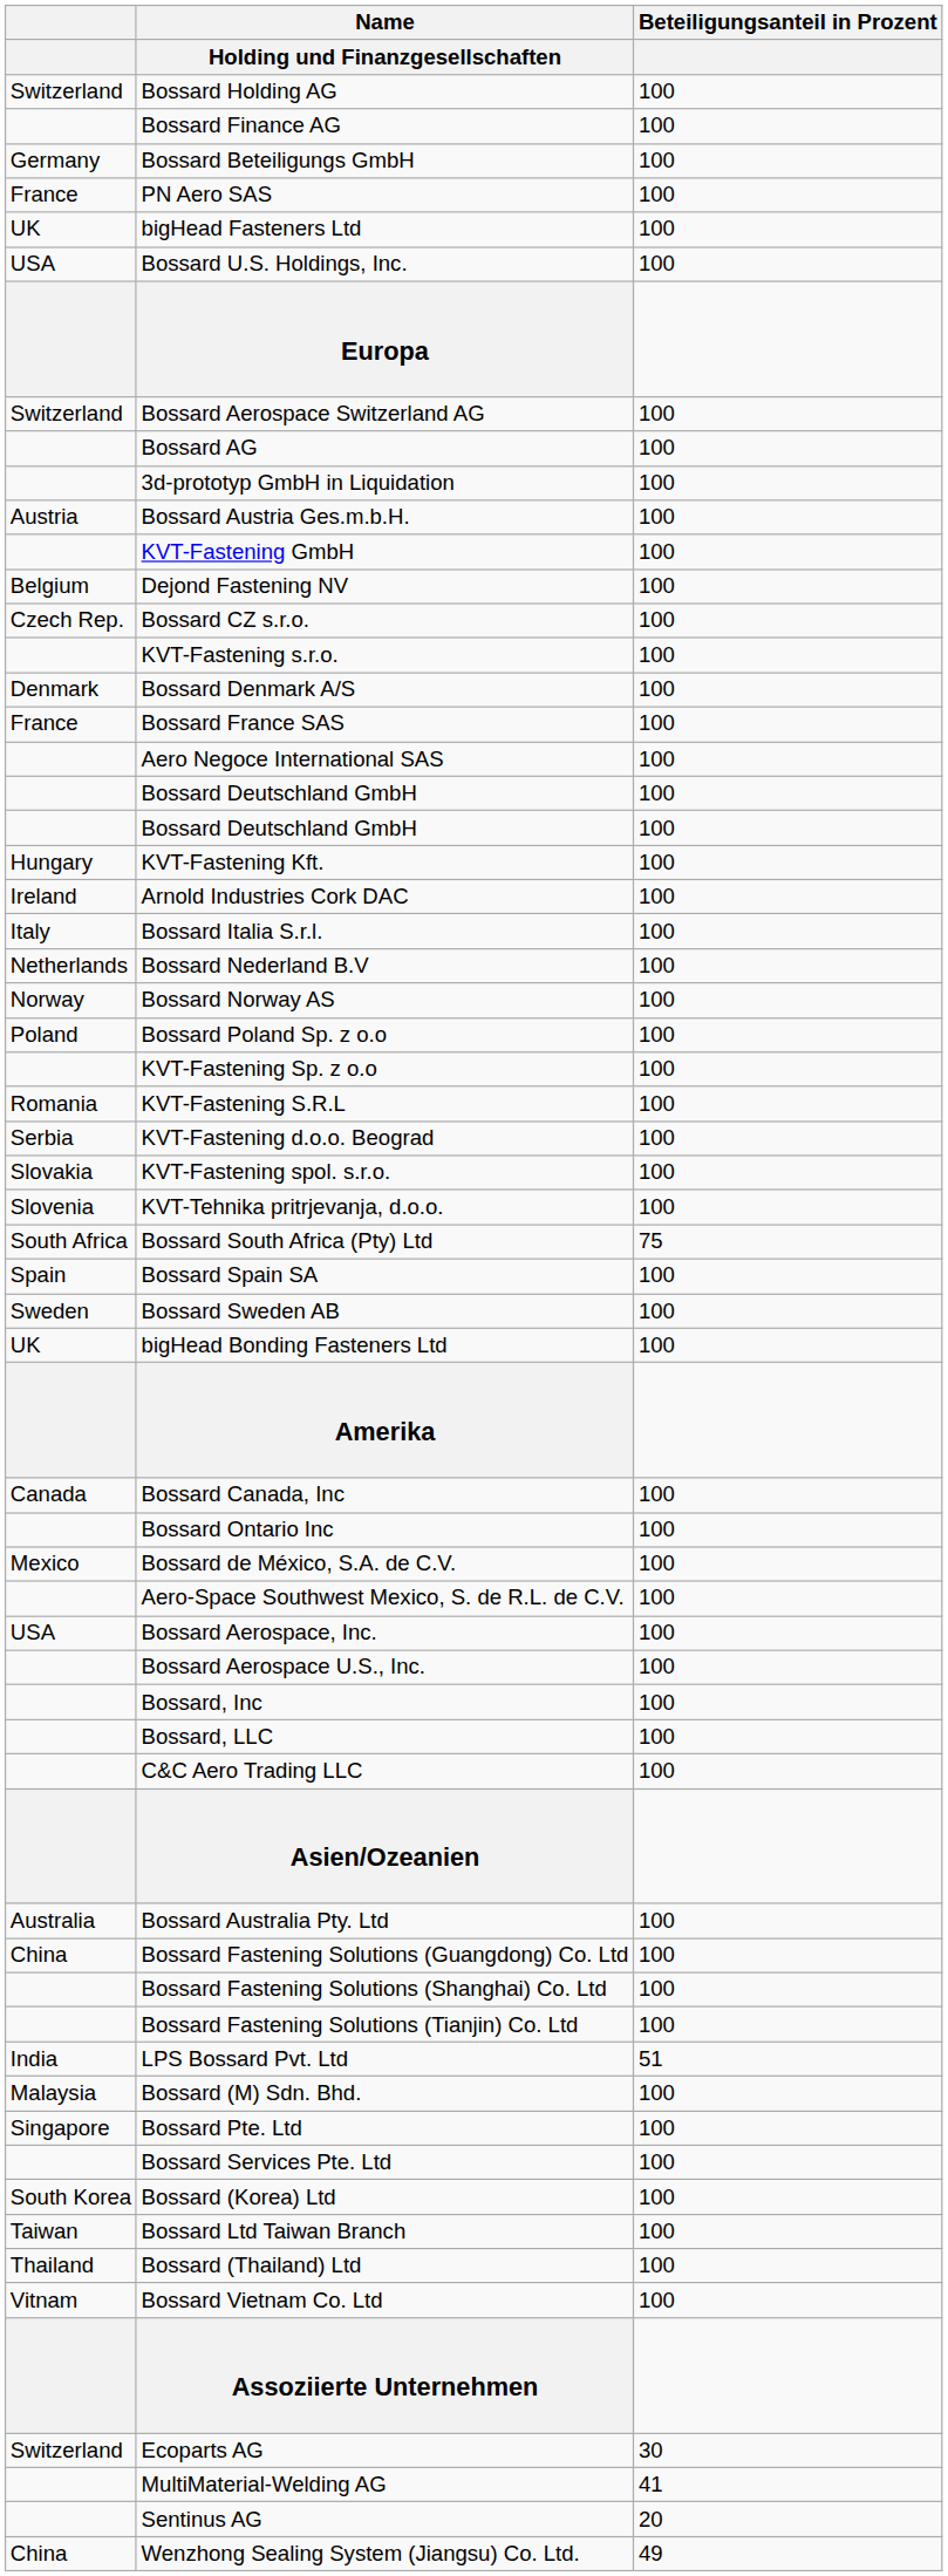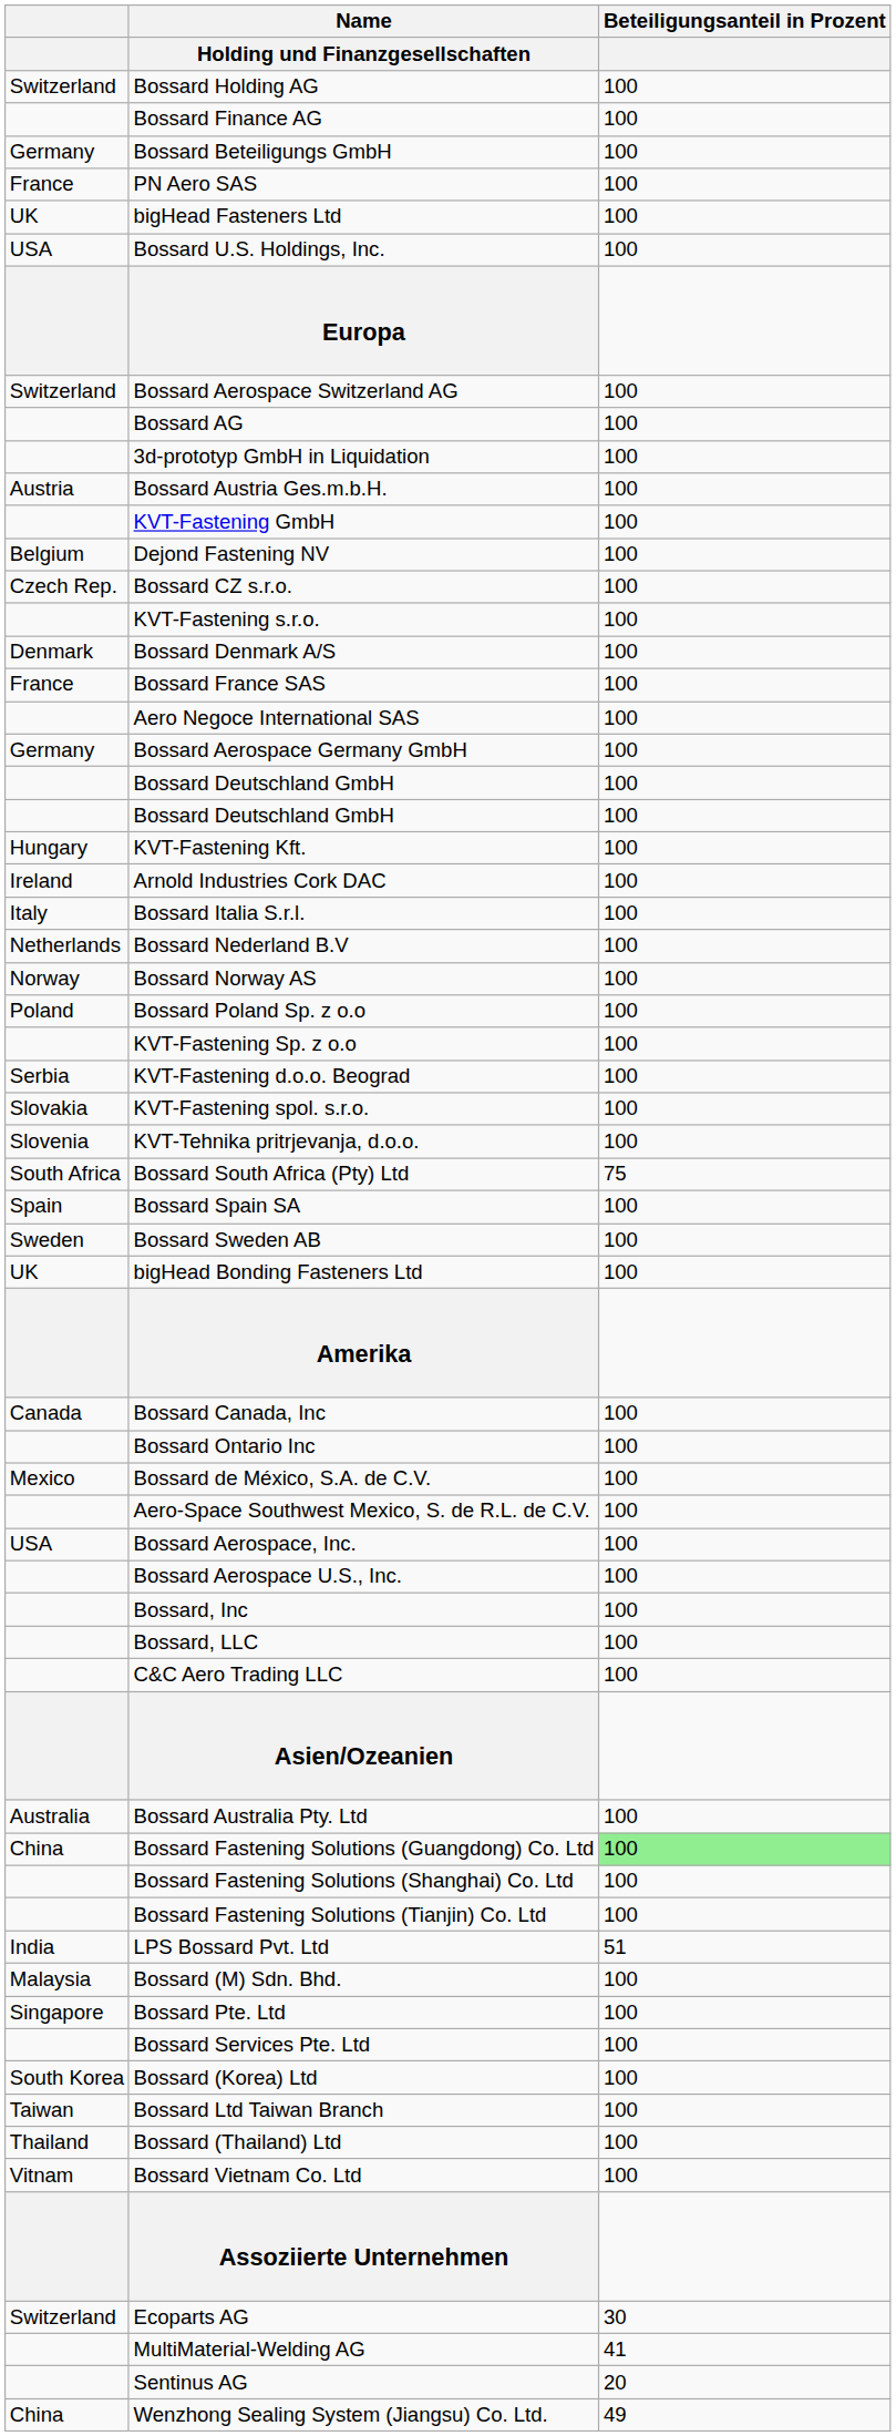 <table class="wikitable sortable">
 <tr>
 <th></th>
 <th>Name</th>
 <th>Beteiligungsanteil in Prozent</th>
 </tr>
 <tr>
 <th></th>
 <th>Holding und Finanzgesellschaften</th>
 <th></th>
 </tr>
 <tr>
 <td>Switzerland</td>
 <td>Bossard Holding AG</td>
 <td>100</td>
 </tr>
 <tr>
 <td></td>
 <td>Bossard Finance AG</td>
 <td>100</td>
 </tr>
 <tr>
 <td>Germany</td>
 <td>Bossard Beteiligungs GmbH</td>
 <td>100</td>
 </tr>
 <tr>
 <td>France</td>
 <td>PN Aero SAS</td>
 <td>100</td>
 </tr>
 <tr>
 <td>UK</td>
 <td>bigHead Fasteners Ltd</td>
 <td>100</td>
 </tr>
 <tr>
 <td>USA</td>
 <td>Bossard U.S. Holdings, Inc.</td>
 <td>100</td>
 </tr>
 <tr>
 <th></th>
 <th><br><h3>Europa</h3></th>
 <td></td>
 </tr>
 <tr>
 <td>Switzerland</td>
 <td>Bossard Aerospace Switzerland AG</td>
 <td>100</td>
 </tr>
 <tr>
 <td></td>
 <td>Bossard AG</td>
 <td>100</td>
 </tr>
 <tr>
 <td></td>
 <td>3d-prototyp GmbH in Liquidation</td>
 <td>100</td>
 </tr>
 <tr>
 <td>Austria</td>
 <td>Bossard Austria Ges.m.b.H.</td>
 <td>100</td>
 </tr>
 <tr>
 <td></td>
 <td><a href='#'>KVT-Fastening</a> GmbH</td>
 <td>100</td>
 </tr>
 <tr>
 <td>Belgium</td>
 <td>Dejond Fastening NV</td>
 <td>100</td>
 </tr>
 <tr>
 <td>Czech Rep.</td>
 <td>Bossard CZ s.r.o.</td>
 <td>100</td>
 </tr>
 <tr>
 <td></td>
 <td>KVT-Fastening s.r.o.</td>
 <td>100</td>
 </tr>
 <tr>
 <td>Denmark</td>
 <td>Bossard Denmark A/S</td>
 <td>100</td>
 </tr>
 <tr>
 <td>France</td>
 <td>Bossard France SAS</td>
 <td>100</td>
 </tr>
 <tr>
 <td></td>
 <td>Aero Negoce International SAS</td>
 <td>100</td>
 </tr>
 <tr>
+<td>Germany</td>
+<td>Bossard Aerospace Germany GmbH</td>
+<td>100</td>
+</tr>
+<tr>
 <td></td>
 <td>Bossard Deutschland GmbH</td>
 <td>100</td>
 </tr>
 <tr>
 <td></td>
 <td>Bossard Deutschland GmbH</td>
 <td>100</td>
 </tr>
 <tr>
 <td>Hungary</td>
 <td>KVT-Fastening Kft.</td>
 <td>100</td>
 </tr>
 <tr>
 <td>Ireland</td>
 <td>Arnold Industries Cork DAC</td>
 <td>100</td>
 </tr>
 <tr>
 <td>Italy</td>
 <td>Bossard Italia S.r.l.</td>
 <td>100</td>
 </tr>
 <tr>
 <td>Netherlands</td>
 <td>Bossard Nederland B.V</td>
 <td>100</td>
 </tr>
 <tr>
 <td>Norway</td>
 <td>Bossard Norway AS</td>
 <td>100</td>
 </tr>
 <tr>
 <td>Poland</td>
 <td>Bossard Poland Sp. z o.o</td>
 <td>100</td>
 </tr>
 <tr>
 <td></td>
 <td>KVT-Fastening Sp. z o.o</td>
-<td>100</td>
-</tr>
-<tr>
-<td>Romania</td>
-<td>KVT-Fastening S.R.L</td>
 <td>100</td>
 </tr>
 <tr>
 <td>Serbia</td>
 <td>KVT-Fastening d.o.o. Beograd</td>
 <td>100</td>
 </tr>
 <tr>
 <td>Slovakia</td>
 <td>KVT-Fastening spol. s.r.o.</td>
 <td>100</td>
 </tr>
 <tr>
 <td>Slovenia</td>
 <td>KVT-Tehnika pritrjevanja, d.o.o.</td>
 <td>100</td>
 </tr>
 <tr>
 <td>South Africa</td>
 <td>Bossard South Africa (Pty) Ltd</td>
 <td>75</td>
 </tr>
 <tr>
 <td>Spain</td>
 <td>Bossard Spain SA</td>
 <td>100</td>
 </tr>
 <tr>
 <td>Sweden</td>
 <td>Bossard Sweden AB</td>
 <td>100</td>
 </tr>
 <tr>
 <td>UK</td>
 <td>bigHead Bonding Fasteners Ltd</td>
 <td>100</td>
 </tr>
 <tr>
 <th></th>
 <th><br><h3>Amerika</h3></th>
 <td></td>
 </tr>
 <tr>
 <td>Canada</td>
 <td>Bossard Canada, Inc</td>
 <td>100</td>
 </tr>
 <tr>
 <td></td>
 <td>Bossard Ontario Inc</td>
 <td>100</td>
 </tr>
 <tr>
 <td>Mexico</td>
 <td>Bossard de México, S.A. de C.V.</td>
 <td>100</td>
 </tr>
 <tr>
 <td></td>
 <td>Aero-Space Southwest Mexico, S. de R.L. de C.V.</td>
 <td>100</td>
 </tr>
 <tr>
 <td>USA</td>
 <td>Bossard Aerospace, Inc.</td>
 <td>100</td>
 </tr>
 <tr>
 <td></td>
 <td>Bossard Aerospace U.S., Inc.</td>
 <td>100</td>
 </tr>
 <tr>
 <td></td>
 <td>Bossard, Inc</td>
 <td>100</td>
 </tr>
 <tr>
 <td></td>
 <td>Bossard, LLC</td>
 <td>100</td>
 </tr>
 <tr>
 <td></td>
 <td>C&C Aero Trading LLC</td>
 <td>100</td>
 </tr>
 <tr>
 <th></th>
 <th><br><h3>Asien/Ozeanien</h3></th>
 <td></td>
 </tr>
 <tr>
 <td>Australia</td>
 <td>Bossard Australia Pty. Ltd</td>
 <td>100</td>
 </tr>
 <tr>
 <td>China</td>
 <td>Bossard Fastening Solutions (Guangdong) Co. Ltd</td>
-<td>100</td>
+<td style="background: lightgreen;">100</td>
 </tr>
 <tr>
 <td></td>
 <td>Bossard Fastening Solutions (Shanghai) Co. Ltd</td>
 <td>100</td>
 </tr>
 <tr>
 <td></td>
 <td>Bossard Fastening Solutions (Tianjin) Co. Ltd</td>
 <td>100</td>
 </tr>
 <tr>
 <td>India</td>
 <td>LPS Bossard Pvt. Ltd</td>
 <td>51</td>
 </tr>
 <tr>
 <td>Malaysia</td>
 <td>Bossard (M) Sdn. Bhd.</td>
 <td>100</td>
 </tr>
 <tr>
 <td>Singapore</td>
 <td>Bossard Pte. Ltd</td>
 <td>100</td>
 </tr>
 <tr>
 <td></td>
 <td>Bossard Services Pte. Ltd</td>
 <td>100</td>
 </tr>
 <tr>
 <td>South Korea</td>
 <td>Bossard (Korea) Ltd</td>
 <td>100</td>
 </tr>
 <tr>
 <td>Taiwan</td>
 <td>Bossard Ltd Taiwan Branch</td>
 <td>100</td>
 </tr>
 <tr>
 <td>Thailand</td>
 <td>Bossard (Thailand) Ltd</td>
 <td>100</td>
 </tr>
 <tr>
 <td>Vitnam</td>
 <td>Bossard Vietnam Co. Ltd</td>
 <td>100</td>
 </tr>
 <tr>
 <th></th>
 <th><br><h3>Assoziierte Unternehmen</h3></th>
 <td></td>
 </tr>
 <tr>
 <td>Switzerland</td>
 <td>Ecoparts AG</td>
 <td>30</td>
 </tr>
 <tr>
 <td></td>
 <td>MultiMaterial-Welding AG</td>
 <td>41</td>
 </tr>
 <tr>
 <td></td>
 <td>Sentinus AG</td>
 <td>20</td>
 </tr>
 <tr>
 <td>China</td>
 <td>Wenzhong Sealing System (Jiangsu) Co. Ltd.</td>
 <td>49</td>
 </tr>
 </table>
